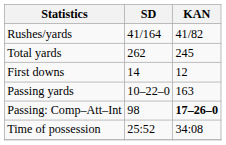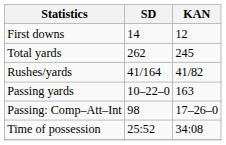 <table class="wikitable" style="float: left;">
 <tr>
 <th>Statistics</th>
 <th>SD</th>
 <th>KAN</th>
 </tr>
 <tr>
-<td>Rushes/yards</td>
-<td>41/164</td>
-<td>41/82</td>
+<td>First downs</td>
+<td>14</td>
+<td>12</td>
 </tr>
 <tr>
 <td>Total yards</td>
 <td>262</td>
 <td>245</td>
 </tr>
 <tr>
-<td>First downs</td>
-<td>14</td>
-<td>12</td>
+<td>Rushes/yards</td>
+<td>41/164</td>
+<td>41/82</td>
 </tr>
 <tr>
 <td>Passing yards</td>
 <td>10–22–0</td>
 <td>163</td>
 </tr>
 <tr>
 <td>Passing: Comp–Att–Int</td>
 <td>98</td>
-<td><strong>17–26–0</strong></td>
+<td>17–26–0</td>
 </tr>
 <tr>
 <td>Time of possession</td>
 <td>25:52</td>
 <td>34:08</td>
 </tr>
 <tr>
 </tr>
 </table>
